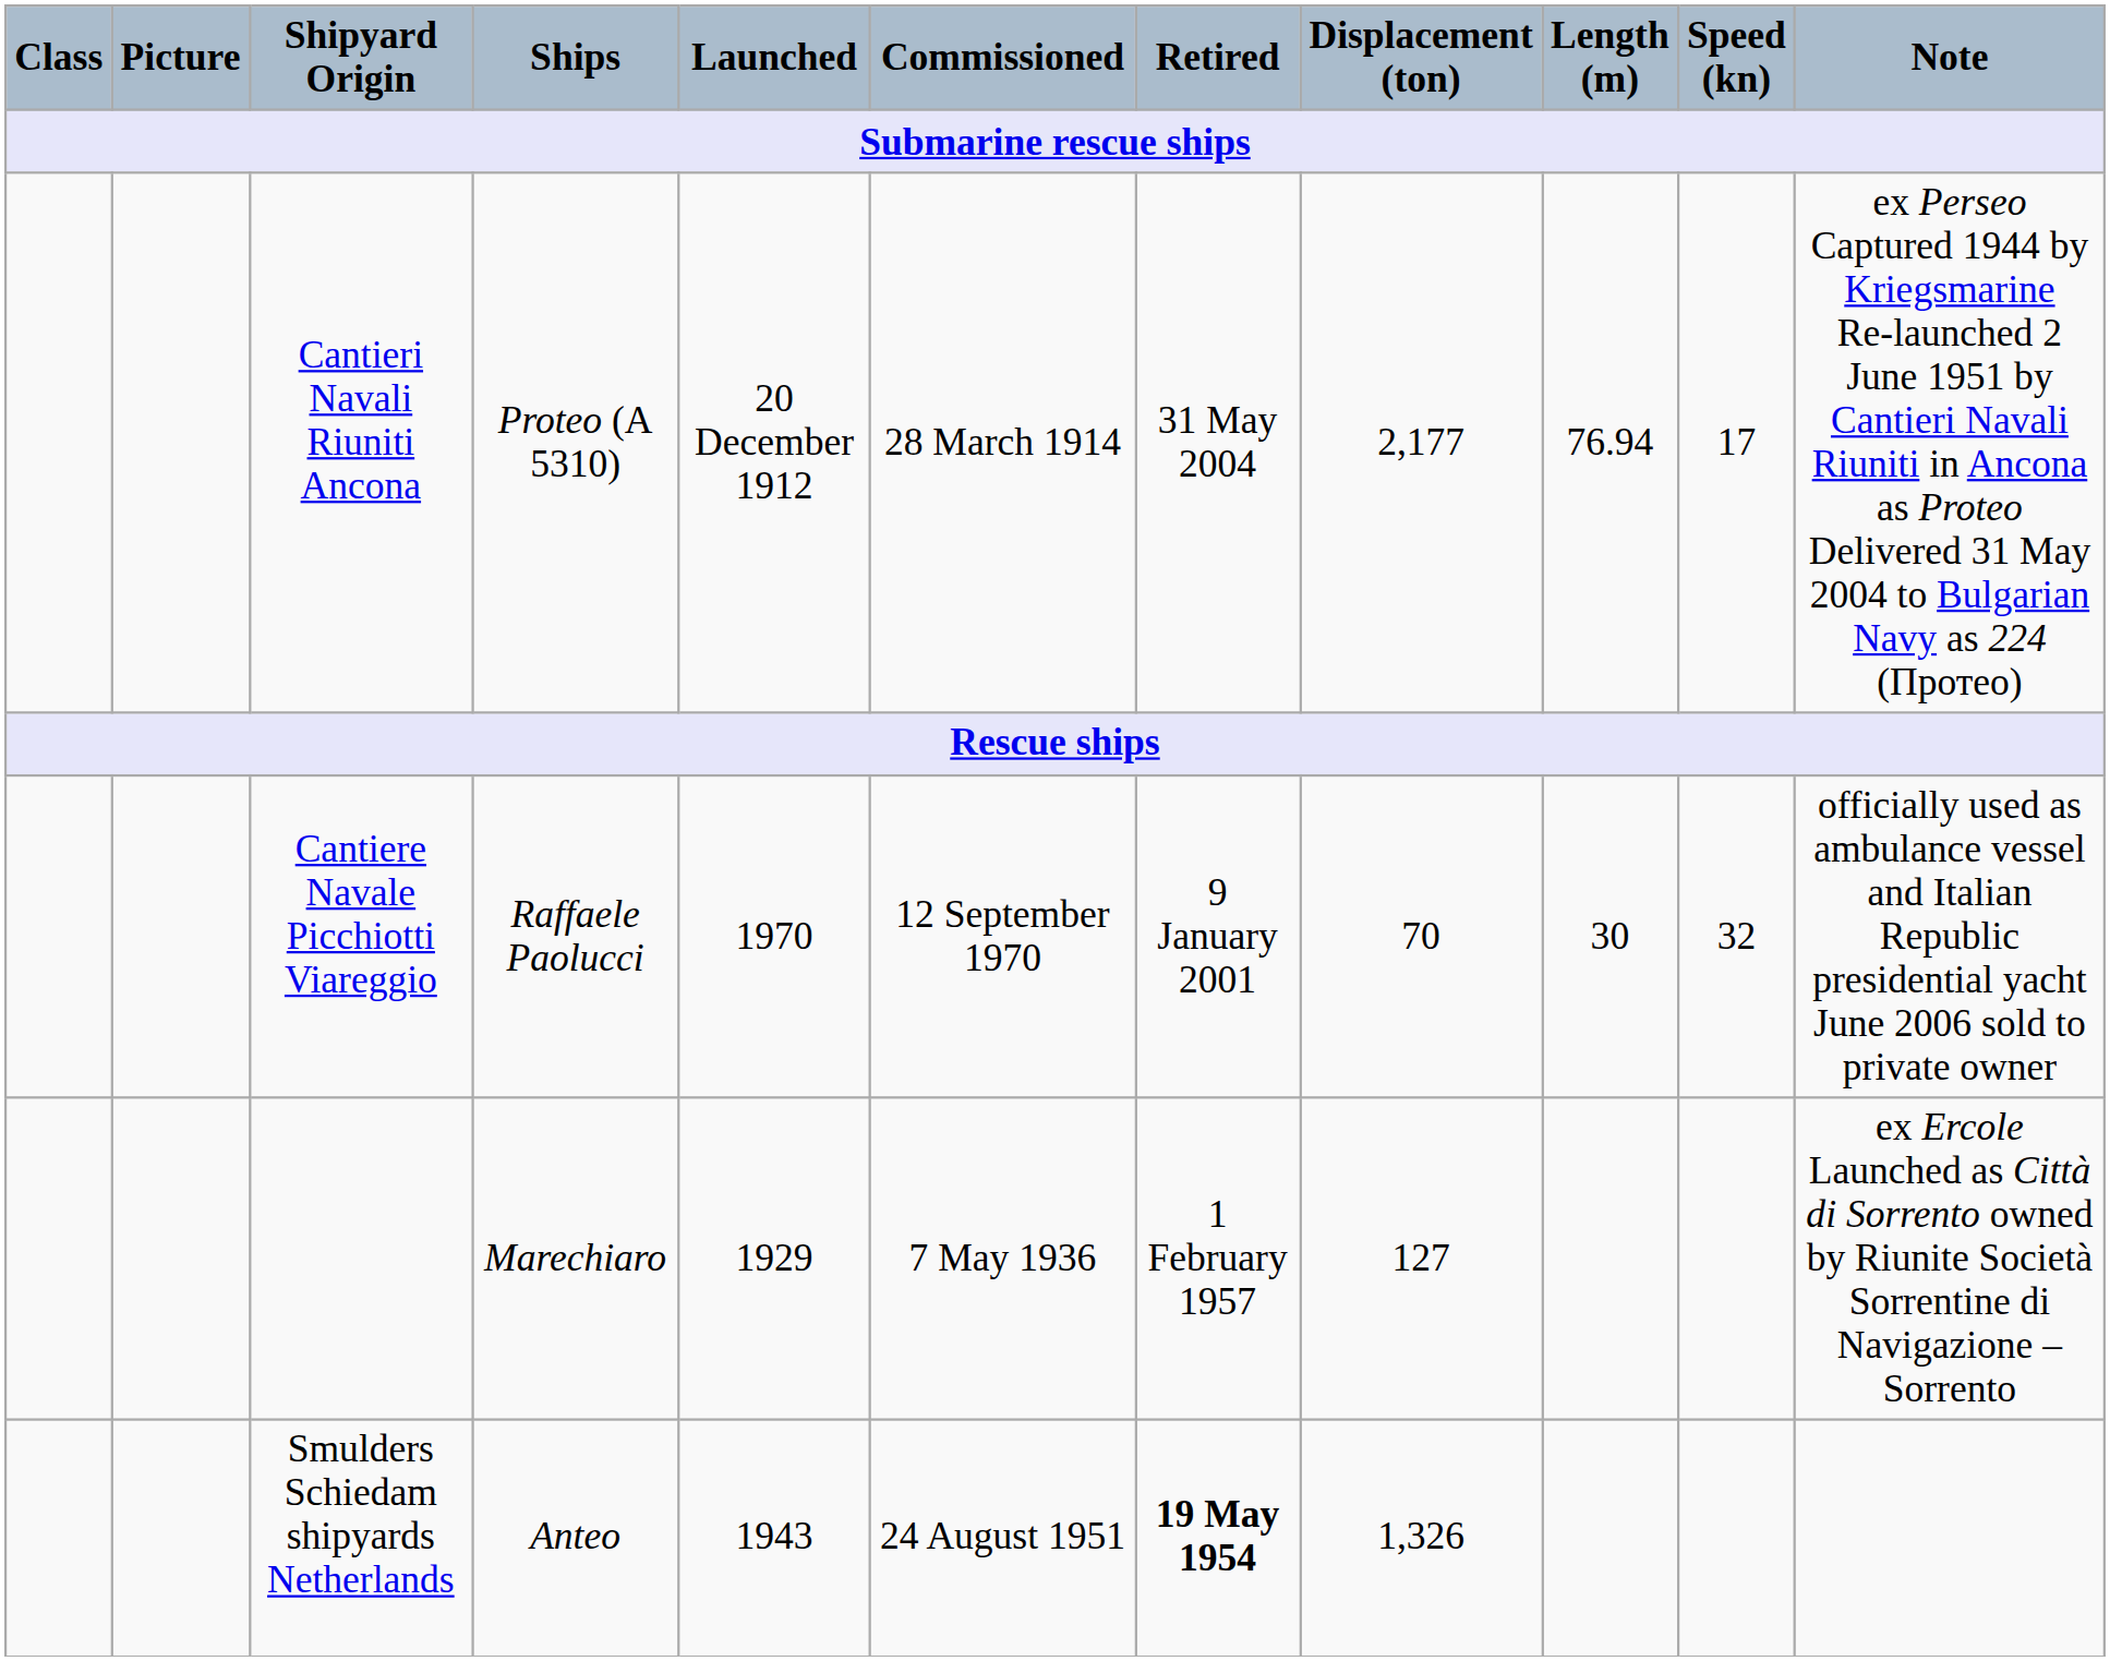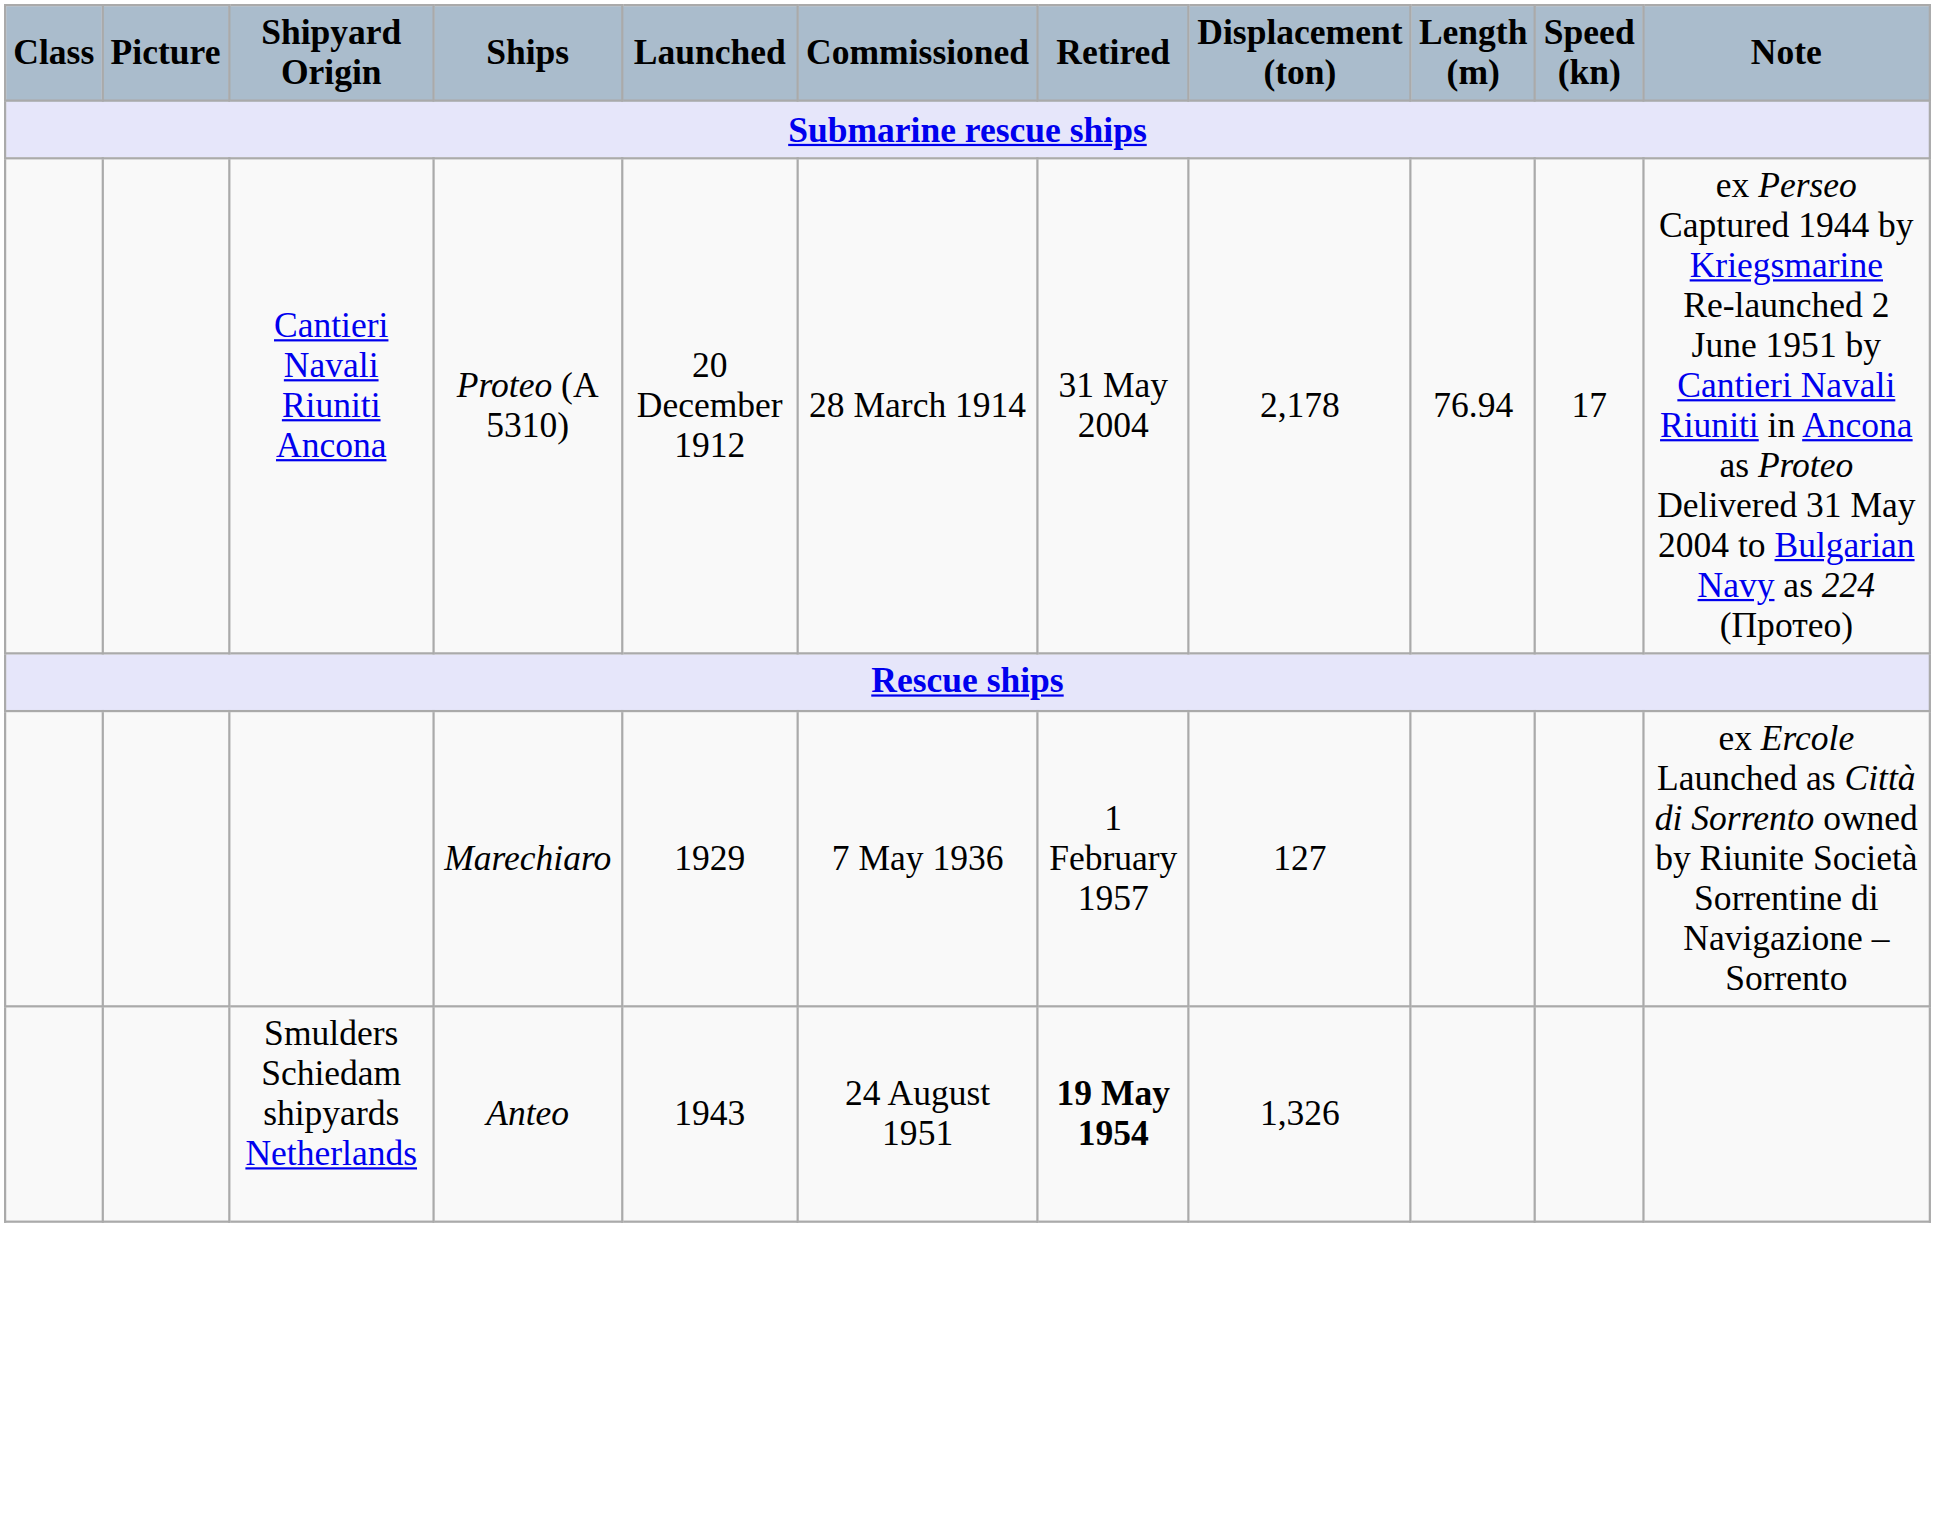 <table class="wikitable" style="text-align:center;">
 <tr>
 <th style="text-align: central; background: #aabccc;">Class</th>
 <th style="text-align: central; background: #aabccc;">Picture</th>
 <th style="text-align: central; background: #aabccc;">Shipyard<br>Origin</th>
 <th style="text-align: central; background: #aabccc;">Ships</th>
 <th style="text-align: central; background: #aabccc;">Launched</th>
 <th style="text-align: central; background: #aabccc;">Commissioned</th>
 <th style="text-align: central; background: #aabccc;">Retired</th>
 <th style="text-align: central; background: #aabccc;">Displacement<br>(ton)</th>
 <th style="text-align: central; background: #aabccc;">Length<br>(m)</th>
 <th style="text-align: central; background: #aabccc;">Speed<br>(kn)</th>
 <th style="text-align: central; background: #aabccc;">Note</th>
 </tr>
 <tr>
 <th style="align: center; background: lavender;" colspan="11"><strong><a href='#'>Submarine rescue ships</a></strong></th>
 </tr>
 <tr>
 <td></td>
 <td></td>
 <td><a href='#'>Cantieri Navali Riuniti</a><br><a href='#'>Ancona</a><br><br></td>
 <td><em>Proteo</em> (A 5310)<br> </td>
 <td>20 December 1912</td>
 <td>28 March 1914</td>
 <td>31 May 2004</td>
-<td>2,177</td>
+<td>2,178</td>
 <td>76.94</td>
 <td>17</td>
 <td>ex <em>Perseo</em><br>Captured 1944 by <a href='#'>Kriegsmarine</a><br>Re-launched 2 June 1951 by <a href='#'>Cantieri Navali Riuniti</a> in <a href='#'>Ancona</a> as <em>Proteo</em><br>Delivered 31 May 2004 to <a href='#'>Bulgarian Navy</a> as <em>224</em> (Протео)</td>
 </tr>
 <tr>
 <th style="align: center; background: lavender;" colspan="11"><strong><a href='#'>Rescue ships</a></strong></th>
-</tr>
-<tr>
-<td></td>
-<td></td>
-<td><a href='#'>Cantiere Navale Picchiotti</a><br><a href='#'>Viareggio</a><br><br></td>
-<td><em>Raffaele Paolucci</em><br></td>
-<td>1970</td>
-<td>12 September 1970</td>
-<td>9 January 2001</td>
-<td>70</td>
-<td>30</td>
-<td>32</td>
-<td>officially used as ambulance vessel and Italian Republic presidential yacht<br>June 2006 sold to private owner</td>
 </tr>
 <tr>
 <td></td>
 <td></td>
 <td></td>
 <td><em>Marechiaro</em><br></td>
 <td>1929</td>
 <td>7 May 1936</td>
 <td>1 February 1957</td>
 <td>127</td>
 <td></td>
 <td></td>
 <td>ex <em>Ercole</em><br>Launched as <em>Città di Sorrento</em> owned by Riunite Società Sorrentine di Navigazione – Sorrento</td>
 </tr>
 <tr>
 <td></td>
 <td></td>
 <td>Smulders Schiedam shipyards<br><a href='#'>Netherlands</a><br><br></td>
 <td><em>Anteo</em><br></td>
 <td>1943</td>
 <td>24 August 1951</td>
 <td><strong>19 May 1954</strong></td>
 <td>1,326</td>
 <td></td>
 <td></td>
 <td></td>
 </tr>
 </table>
